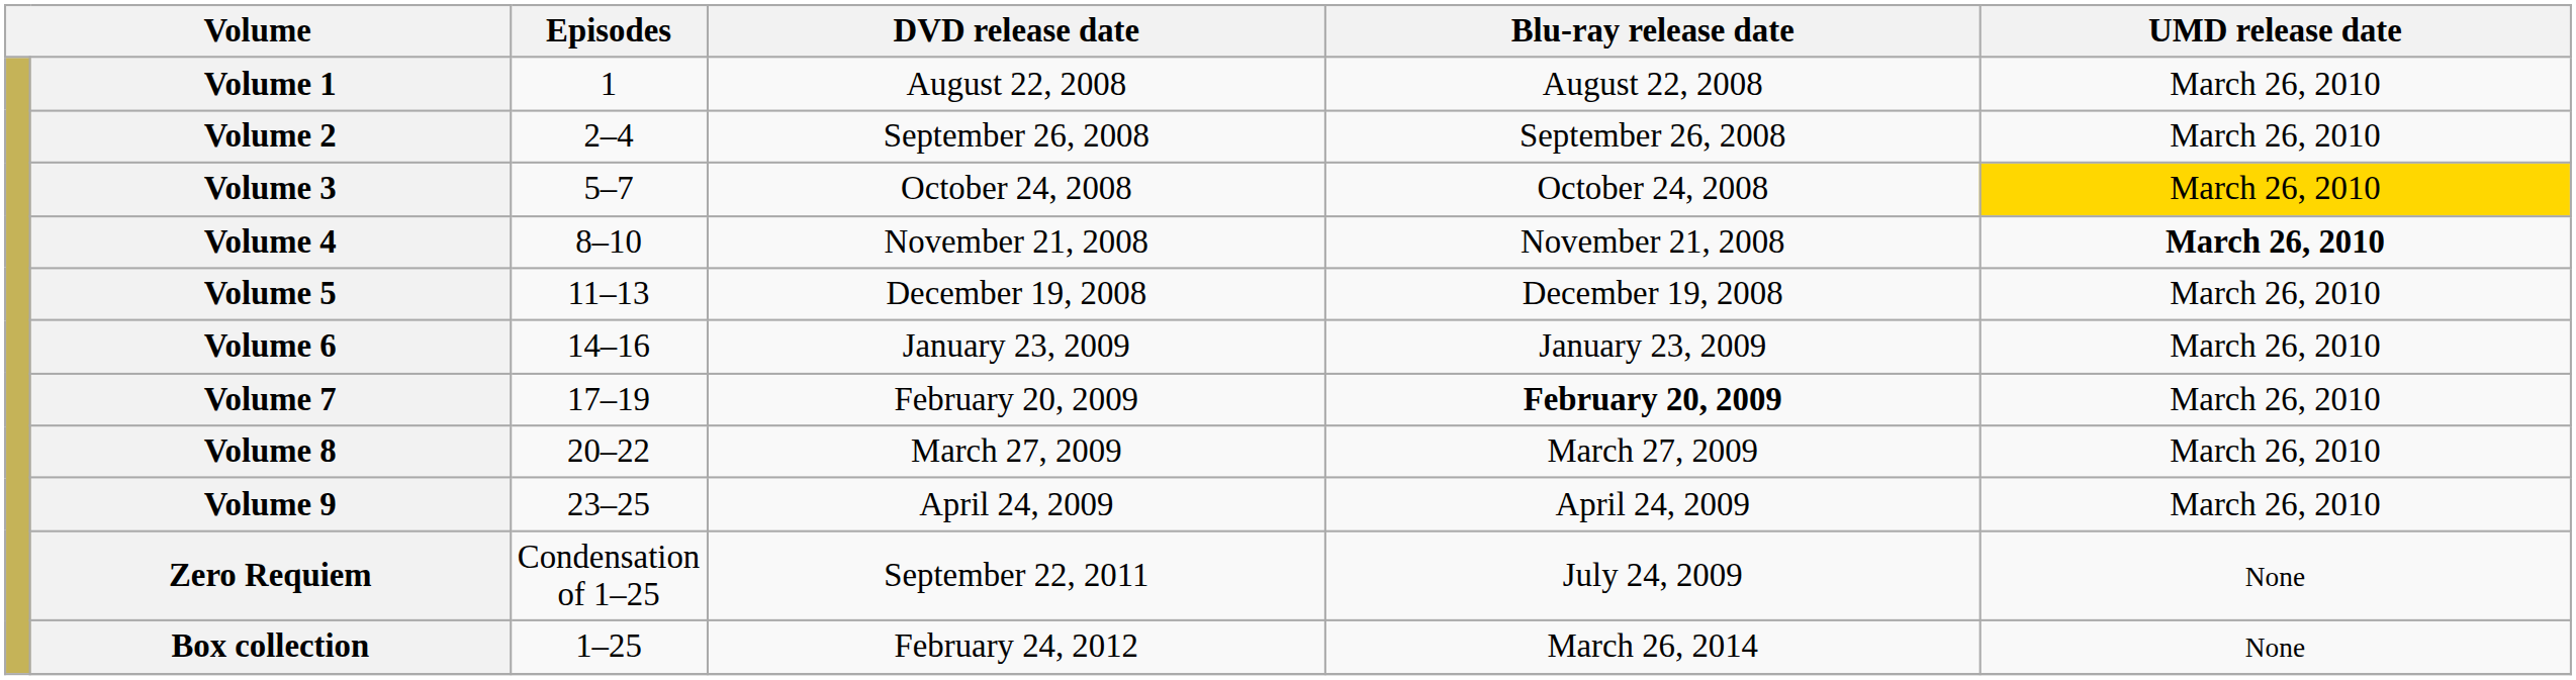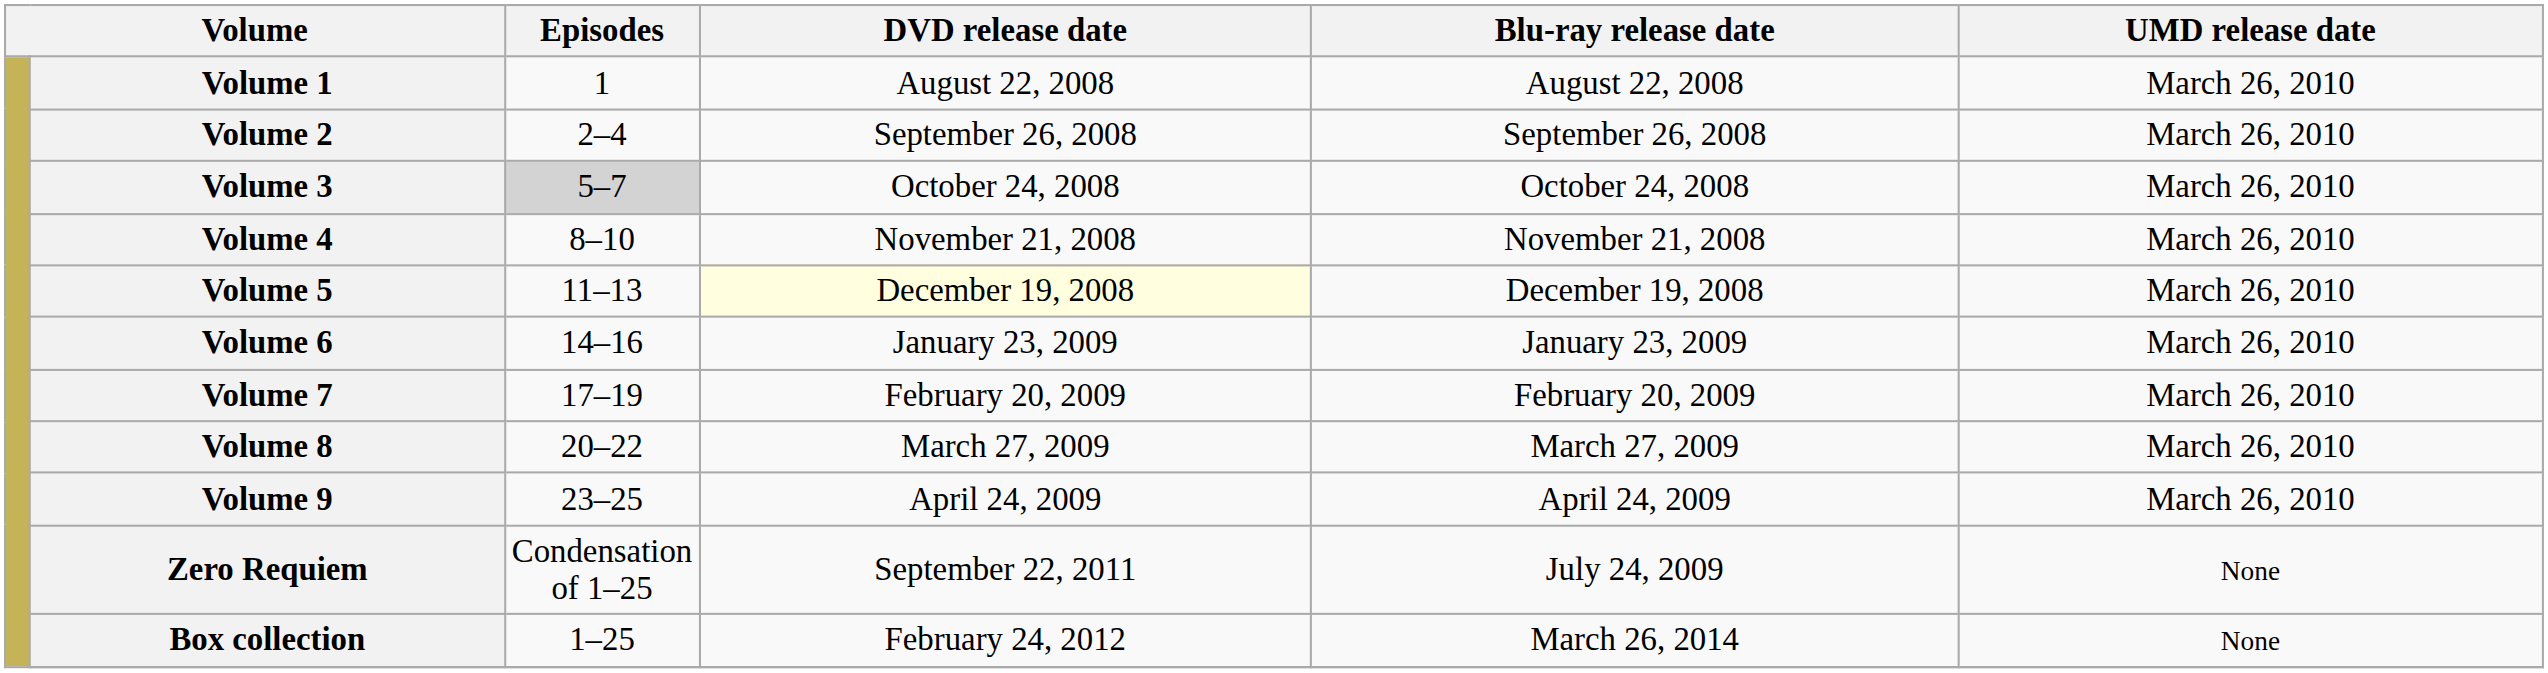 <table class="wikitable" style="text-align: center; width: 98%;">
 <tr>
 <th scope="column" colspan="2">Volume</th>
 <th scope="column" width="5%">Episodes</th>
 <th scope="column">DVD release date</th>
 <th scope="column">Blu-ray release date</th>
 <th scope="column">UMD release date</th>
 </tr>
 <tr>
 <td rowspan="13" width="1%" style="background: #C5B358;"></td>
 <th scope="row">Volume 1</th>
 <td>1</td>
 <td>August 22, 2008</td>
 <td>August 22, 2008</td>
 <td>March 26, 2010</td>
 </tr>
 <tr>
 <th scope="row">Volume 2</th>
 <td>2–4</td>
 <td>September 26, 2008</td>
 <td>September 26, 2008</td>
 <td>March 26, 2010</td>
 </tr>
 <tr>
 <th scope="row">Volume 3</th>
-<td>5–7</td>
+<td style="background: lightgrey;">5–7</td>
 <td>October 24, 2008</td>
 <td>October 24, 2008</td>
-<td style="background: gold;">March 26, 2010</td>
+<td>March 26, 2010</td>
 </tr>
 <tr>
 <th scope="row">Volume 4</th>
 <td>8–10</td>
 <td>November 21, 2008</td>
 <td>November 21, 2008</td>
-<td><strong>March 26, 2010</strong></td>
+<td>March 26, 2010</td>
 </tr>
 <tr>
 <th scope="row">Volume 5</th>
 <td>11–13</td>
-<td>December 19, 2008</td>
+<td style="background: lightyellow;">December 19, 2008</td>
 <td>December 19, 2008</td>
 <td>March 26, 2010</td>
 </tr>
 <tr>
 <th scope="row">Volume 6</th>
 <td>14–16</td>
 <td>January 23, 2009</td>
 <td>January 23, 2009</td>
 <td>March 26, 2010</td>
 </tr>
 <tr>
 <th scope="row">Volume 7</th>
 <td>17–19</td>
 <td>February 20, 2009</td>
-<td><strong>February 20, 2009</strong></td>
+<td>February 20, 2009</td>
 <td>March 26, 2010</td>
 </tr>
 <tr>
 <th scope="row">Volume 8</th>
 <td>20–22</td>
 <td>March 27, 2009</td>
 <td>March 27, 2009</td>
 <td>March 26, 2010</td>
 </tr>
 <tr>
 <th scope="row">Volume 9</th>
 <td>23–25</td>
 <td>April 24, 2009</td>
 <td>April 24, 2009</td>
 <td>March 26, 2010</td>
 </tr>
 <tr>
 <th scope="row">Zero Requiem</th>
 <td>Condensation of 1–25</td>
 <td>September 22, 2011</td>
 <td>July 24, 2009</td>
 <td><small>None</small></td>
 </tr>
 <tr>
 <th scope="row">Box collection</th>
 <td>1–25</td>
 <td>February 24, 2012</td>
 <td>March 26, 2014</td>
 <td><small>None</small></td>
 </tr>
 <tr>
 </tr>
 </table>
